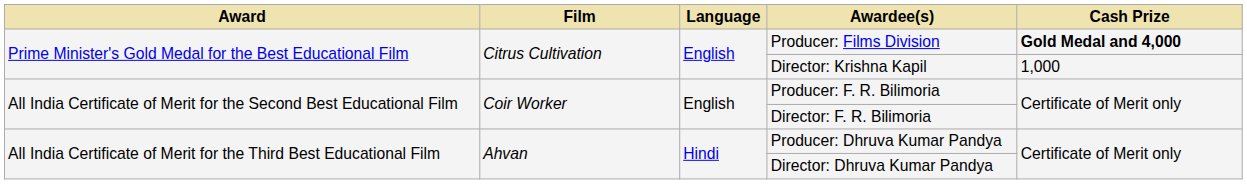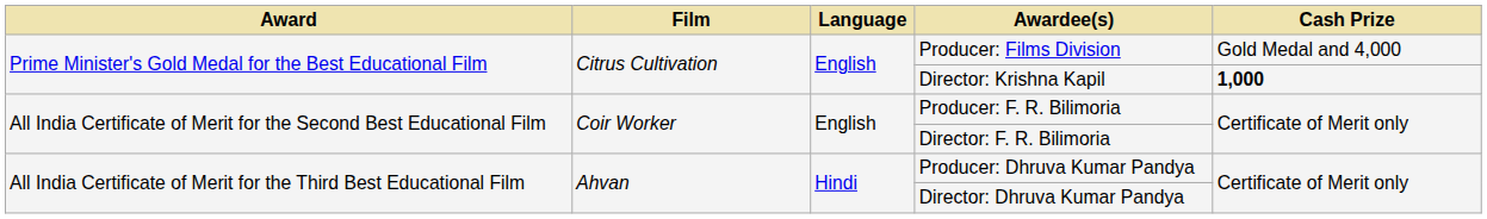 <table class="wikitable sortable" style="width:100%">
 <tr>
 <th style="background-color:#EFE4B0;width:38%;">Award</th>
 <th style="background-color:#EFE4B0;width:16%;">Film</th>
 <th style="background-color:#EFE4B0;width:7%;">Language</th>
 <th style="background-color:#EFE4B0;width:20%;">Awardee(s)</th>
 <th style="background-color:#EFE4B0;width:18%;">Cash Prize</th>
 </tr>
 <tr style="background-color:#F4F4F4">
 <td rowspan="2"><a href='#'>Prime Minister's Gold Medal for the Best Educational Film</a></td>
 <td rowspan="2"><em>Citrus Cultivation</em></td>
 <td rowspan="2"><a href='#'>English</a></td>
 <td>Producer: <a href='#'>Films Division</a></td>
-<td><strong>Gold Medal and 4,000</strong></td>
+<td>Gold Medal and 4,000</td>
 </tr>
 <tr style="background-color:#F4F4F4">
 <td>Director: Krishna Kapil</td>
-<td>1,000</td>
+<td><strong>1,000</strong></td>
 </tr>
 <tr style="background-color:#F4F4F4">
 <td rowspan="2">All India Certificate of Merit for the Second Best Educational Film</td>
 <td rowspan="2"><em>Coir Worker</em></td>
 <td rowspan="2">English</td>
 <td>Producer: F. R. Bilimoria</td>
 <td rowspan="2">Certificate of Merit only</td>
 </tr>
 <tr style="background-color:#F4F4F4">
 <td>Director: F. R. Bilimoria</td>
 </tr>
 <tr style="background-color:#F4F4F4">
 <td rowspan="2">All India Certificate of Merit for the Third Best Educational Film</td>
 <td rowspan="2"><em>Ahvan</em></td>
 <td rowspan="2"><a href='#'>Hindi</a></td>
 <td>Producer: Dhruva Kumar Pandya</td>
 <td rowspan="2">Certificate of Merit only</td>
 </tr>
 <tr style="background-color:#F4F4F4">
 <td>Director: Dhruva Kumar Pandya</td>
 </tr>
 </table>
